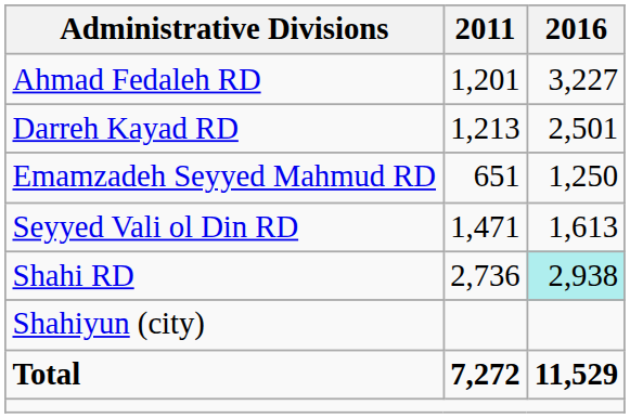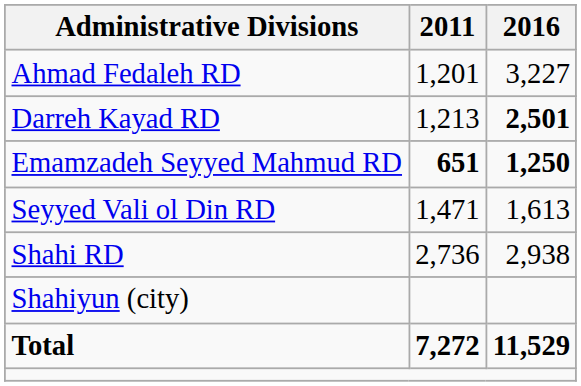 <table class="wikitable">
 <tr>
 <th>Administrative Divisions</th>
 <th>2011</th>
 <th>2016</th>
 </tr>
 <tr>
 <td><a href='#'>Ahmad Fedaleh RD</a></td>
 <td style="text-align: right;">1,201</td>
 <td style="text-align: right;">3,227</td>
 </tr>
 <tr>
 <td><a href='#'>Darreh Kayad RD</a></td>
 <td style="text-align: right;">1,213</td>
-<td style="text-align: right;">2,501</td>
+<td style="text-align: right;"><strong>2,501</strong></td>
 </tr>
 <tr>
 <td><a href='#'>Emamzadeh Seyyed Mahmud RD</a></td>
-<td style="text-align: right;">651</td>
-<td style="text-align: right;">1,250</td>
+<td style="text-align: right;"><strong>651</strong></td>
+<td style="text-align: right;"><strong>1,250</strong></td>
 </tr>
 <tr>
 <td><a href='#'>Seyyed Vali ol Din RD</a></td>
 <td style="text-align: right;">1,471</td>
 <td style="text-align: right;">1,613</td>
 </tr>
 <tr>
 <td><a href='#'>Shahi RD</a></td>
 <td style="text-align: right;">2,736</td>
-<td style="background: paleturquoise; text-align: right;">2,938</td>
+<td style="text-align: right;">2,938</td>
 </tr>
 <tr>
 <td><a href='#'>Shahiyun</a> (city)</td>
 <td style="text-align: right;"></td>
 <td style="text-align: right;"></td>
 </tr>
 <tr>
 <td><strong>Total</strong></td>
 <td style="text-align: right;"><strong>7,272</strong></td>
 <td style="text-align: right;"><strong>11,529</strong></td>
 </tr>
 <tr>
 <td colspan=3></td>
 </tr>
 </table>
